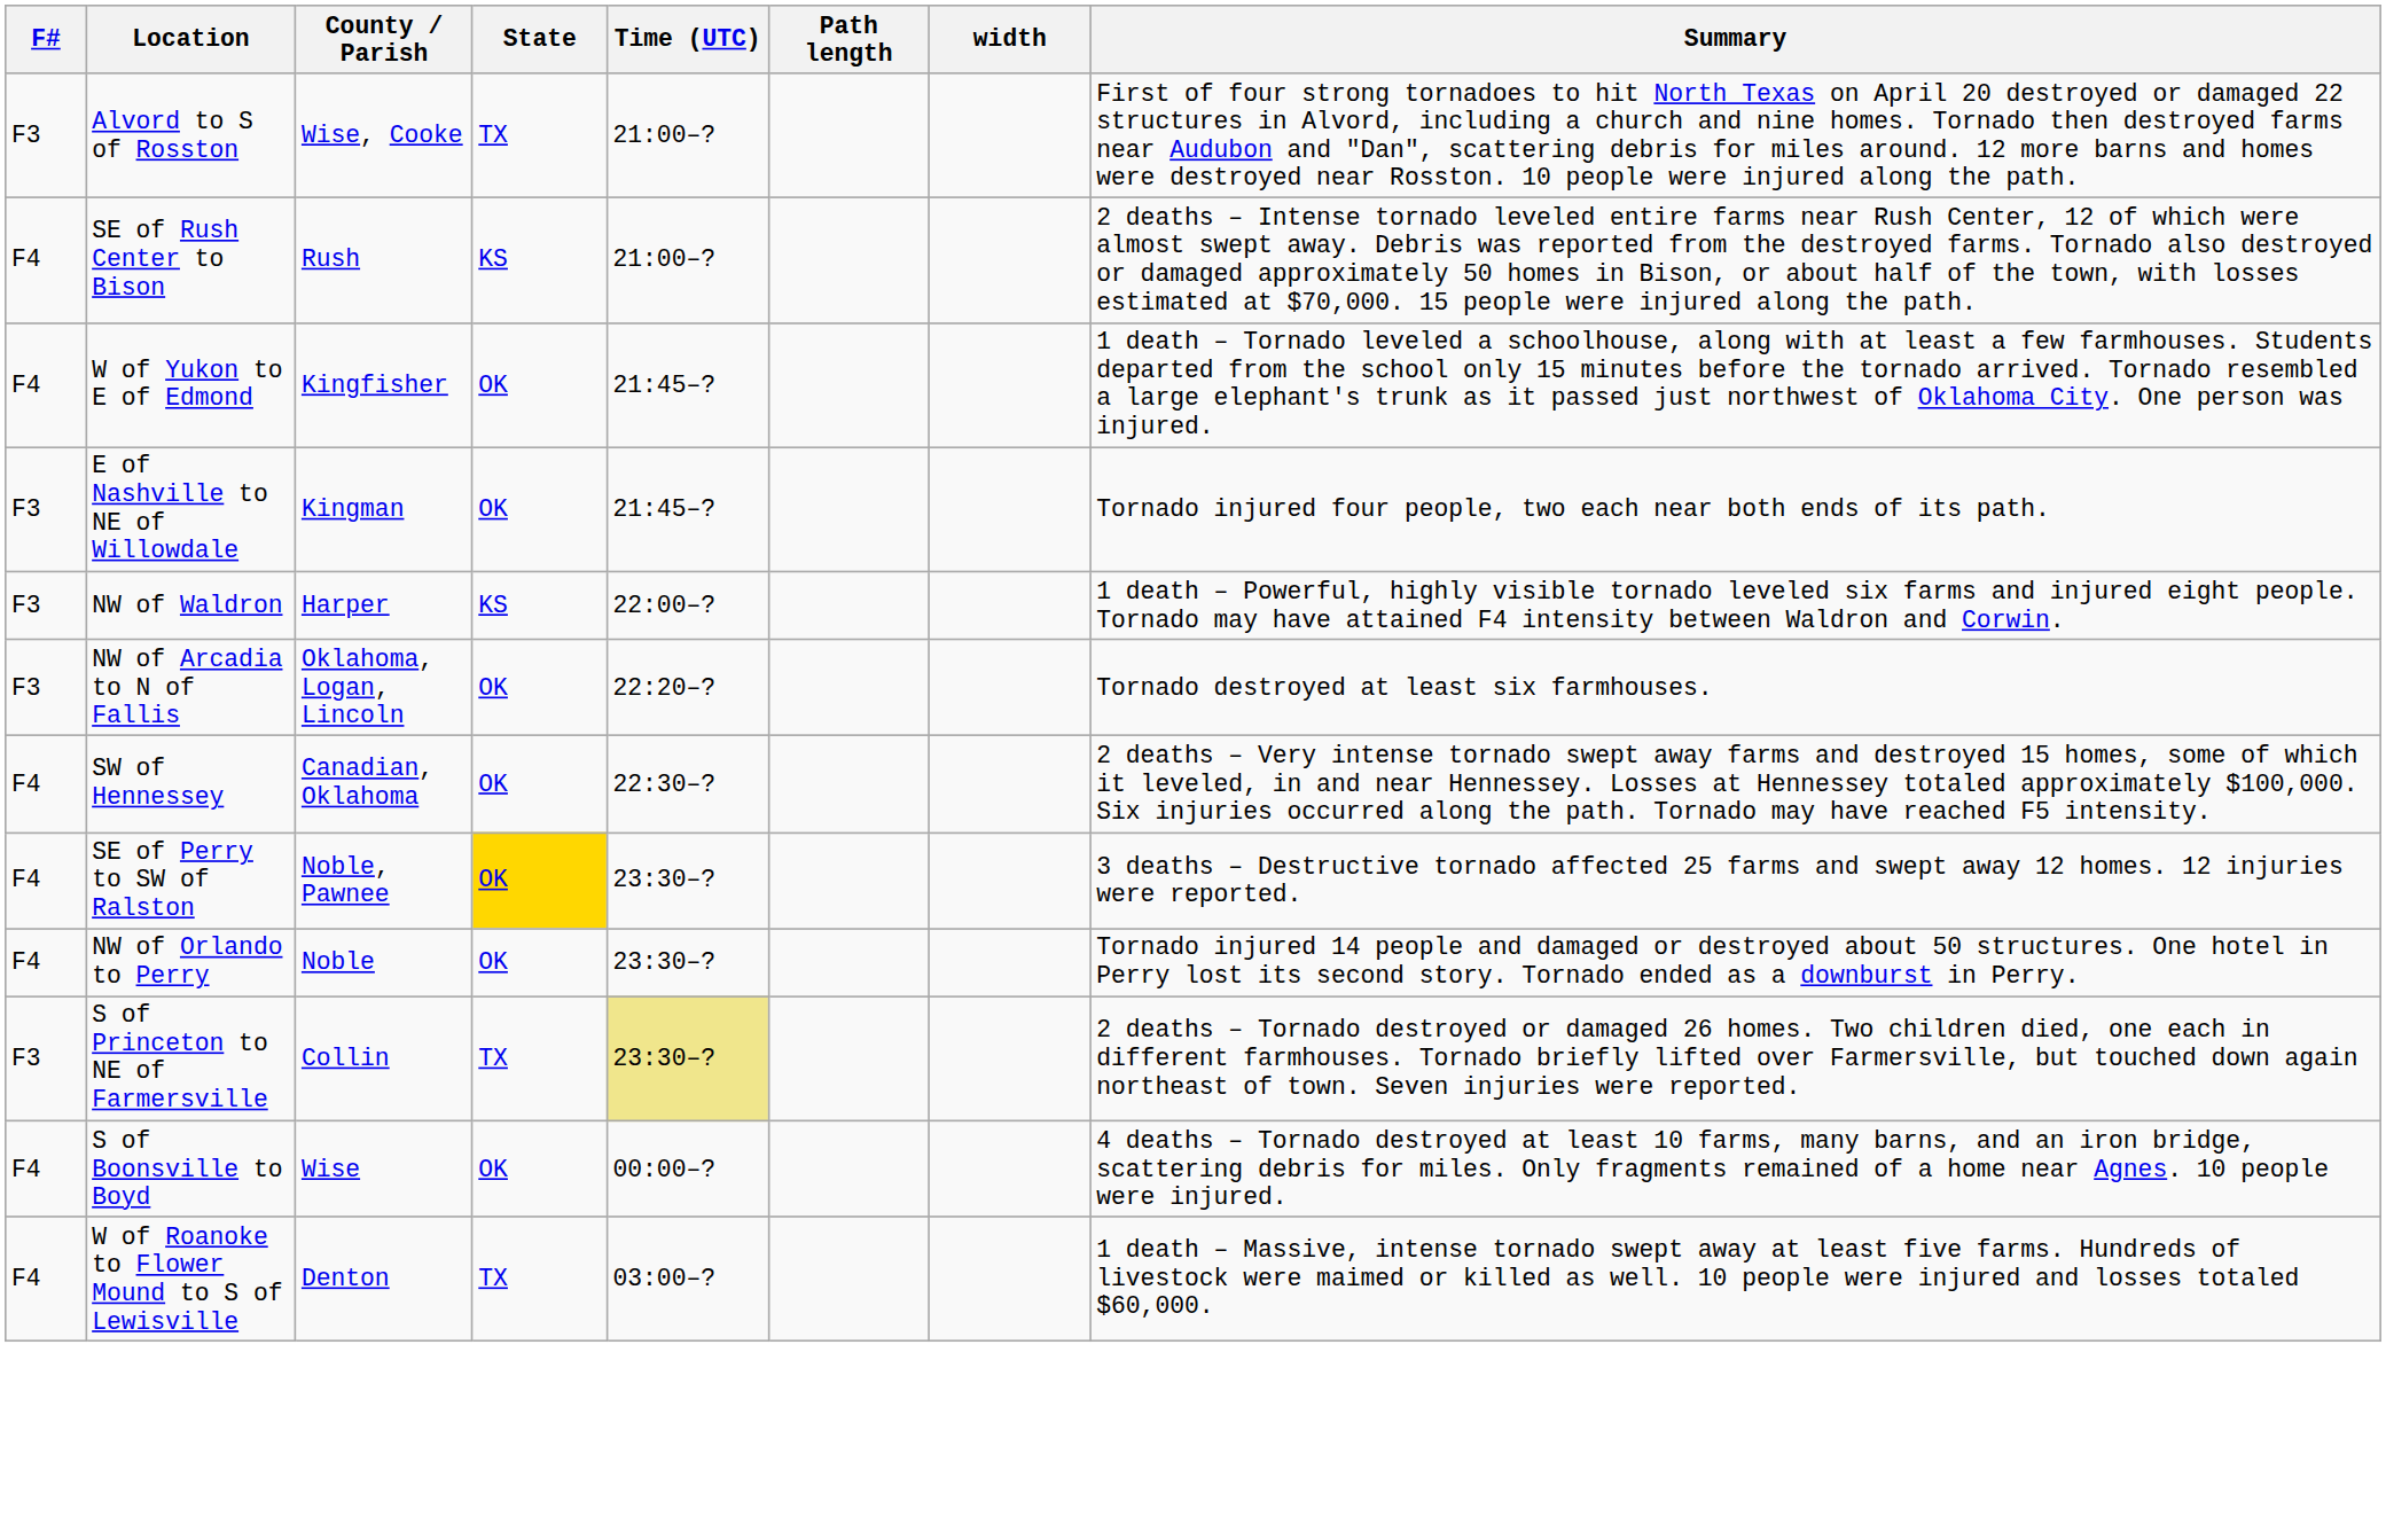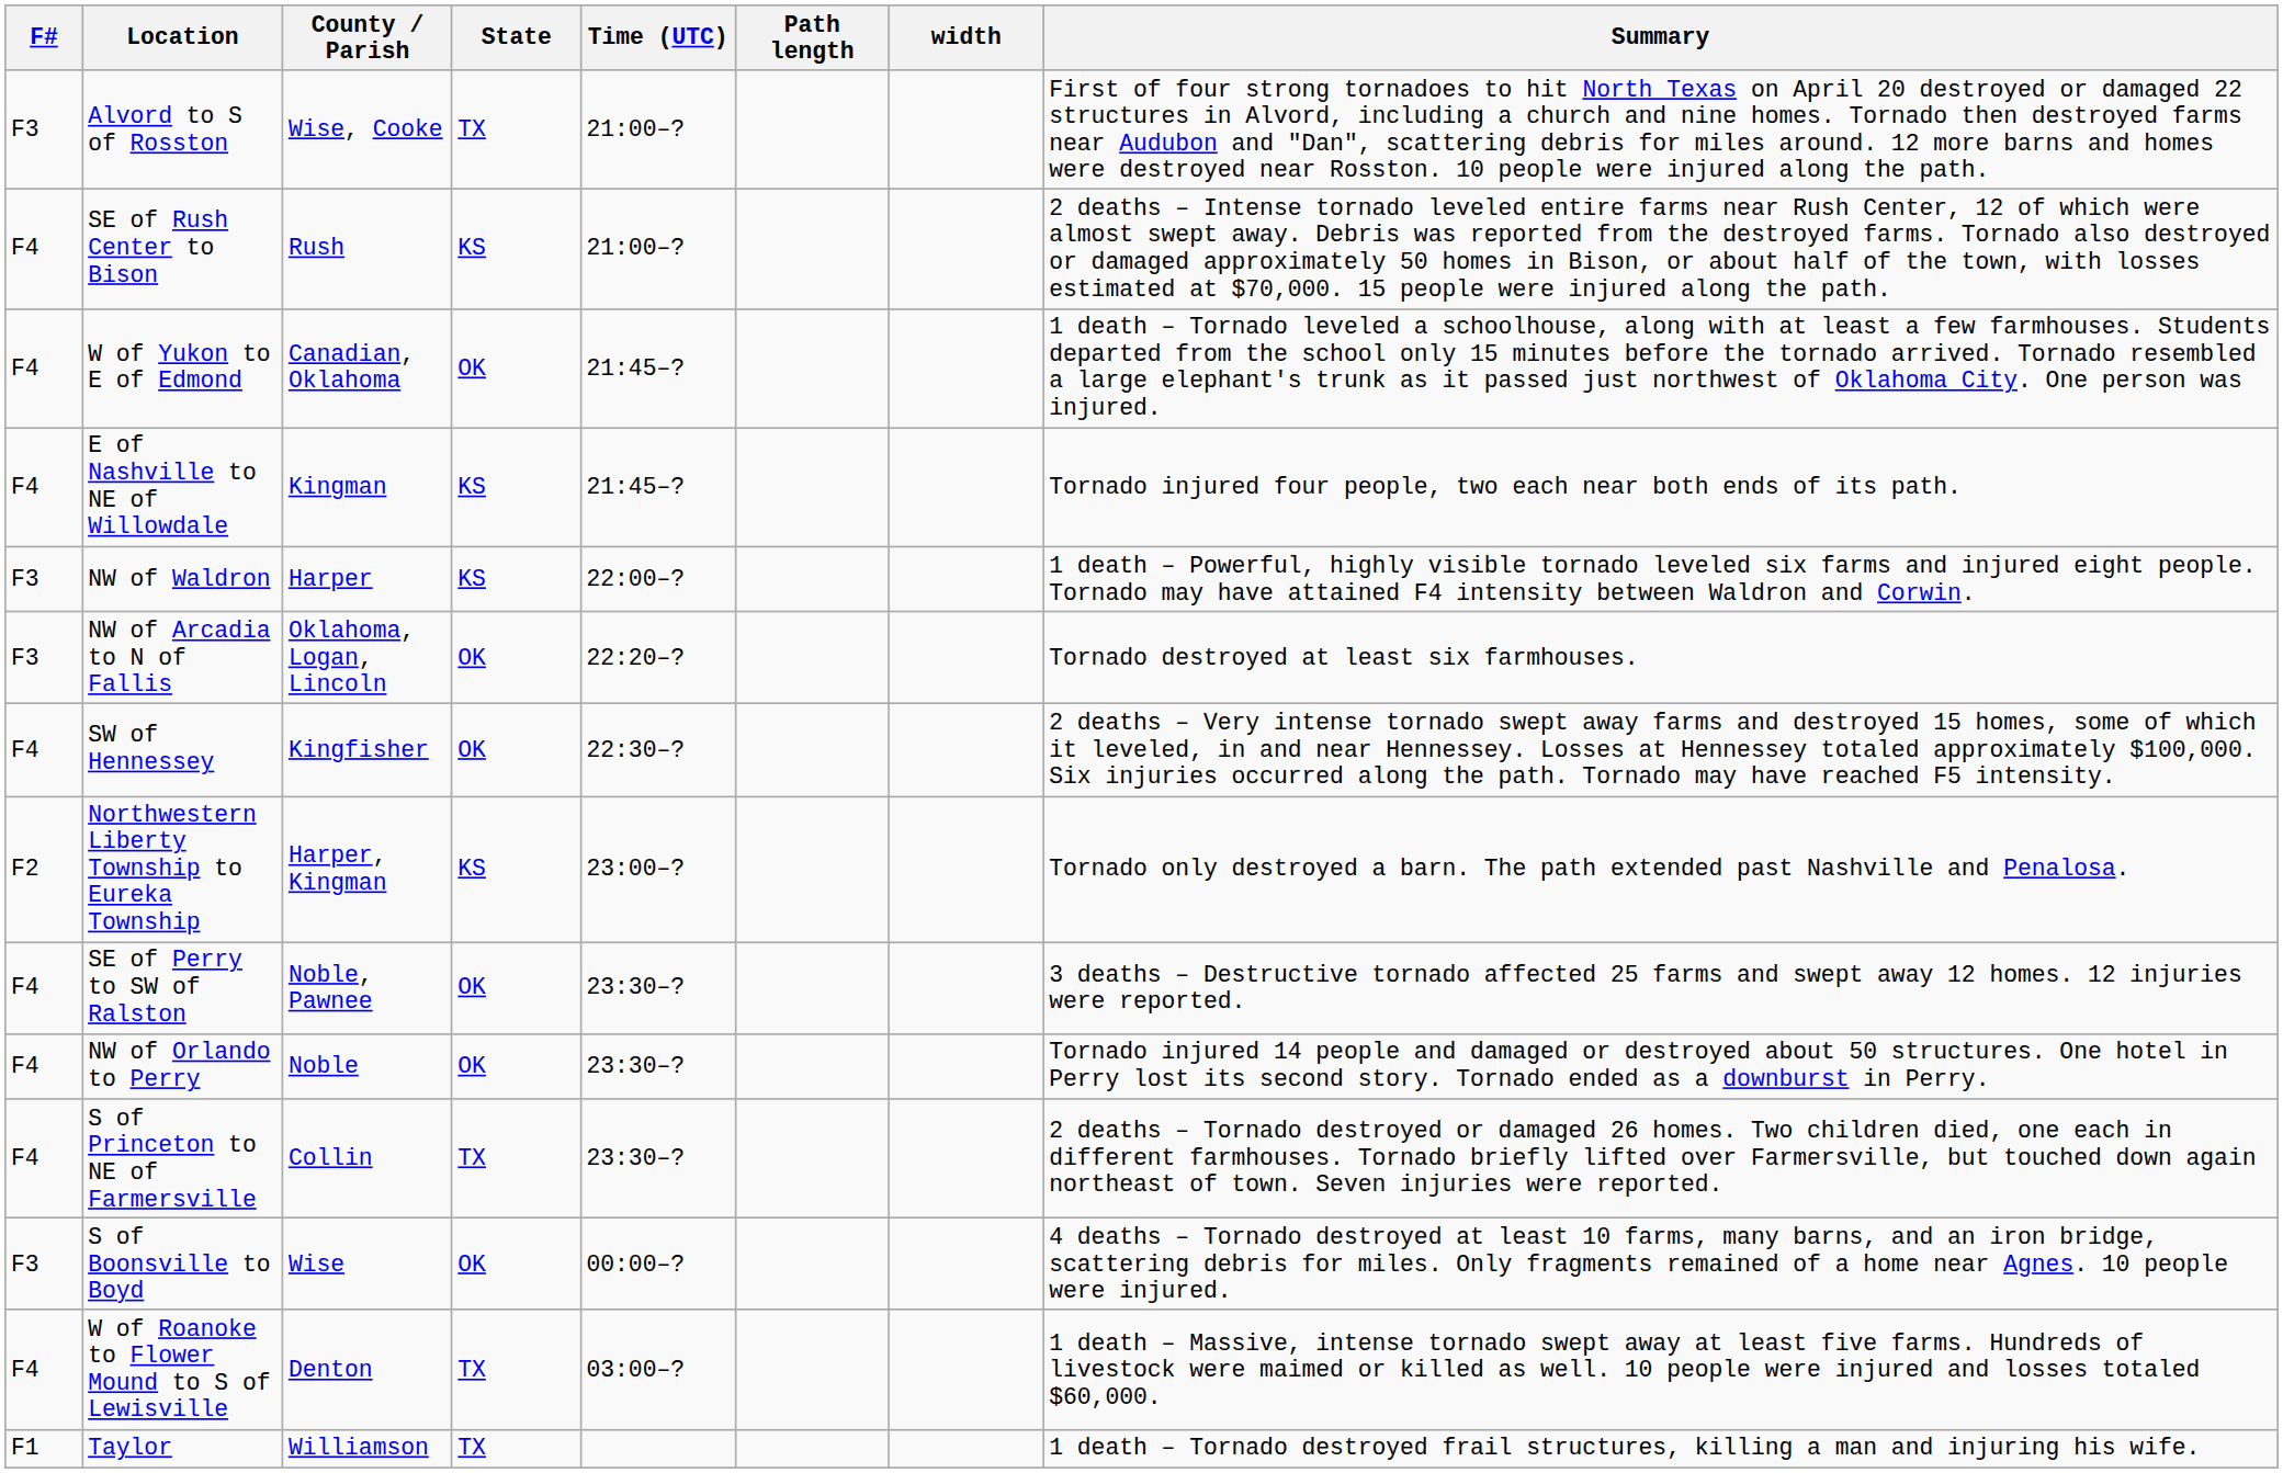 <table class="wikitable sortable" style="width:100%;">
 <tr>
 <th scope="col"  style="width:3%; text-align:center;"><a href='#'>F#</a></th>
 <th scope="col"  style="width:7%; text-align:center;" class="unsortable">Location</th>
 <th scope="col"  style="width:6%; text-align:center;" class="unsortable">County / Parish</th>
 <th scope="col"  style="width:5%; text-align:center;">State</th>
 <th scope="col"  style="width:6%; text-align:center;">Time (<a href='#'>UTC</a>)</th>
 <th scope="col"  style="width:6%; text-align:center;">Path length</th>
 <th scope="col"  style="width:6%; text-align:center;"> width</th>
 <th scope="col" class="unsortable" style="width:48%; text-align:center;">Summary</th>
 </tr>
 <tr>
 <td>F3</td>
 <td><a href='#'>Alvord</a> to S of <a href='#'>Rosston</a></td>
 <td><a href='#'>Wise</a>, <a href='#'>Cooke</a></td>
 <td><a href='#'>TX</a></td>
 <td>21:00–?</td>
 <td></td>
 <td></td>
 <td>First of four strong tornadoes to hit <a href='#'>North Texas</a> on April 20 destroyed or damaged 22 structures in Alvord, including a church and nine homes. Tornado then destroyed farms near <a href='#'>Audubon</a> and "Dan", scattering debris for miles around. 12 more barns and homes were destroyed near Rosston. 10 people were injured along the path.</td>
 </tr>
 <tr>
 <td>F4</td>
 <td>SE of <a href='#'>Rush Center</a> to <a href='#'>Bison</a></td>
 <td><a href='#'>Rush</a></td>
 <td><a href='#'>KS</a></td>
 <td>21:00–?</td>
 <td></td>
 <td></td>
 <td>2 deaths – Intense tornado leveled entire farms near Rush Center, 12 of which were almost swept away. Debris was reported  from the destroyed farms. Tornado also destroyed or damaged approximately 50 homes in Bison, or about half of the town, with losses estimated at $70,000. 15 people were injured along the path.</td>
 </tr>
 <tr>
 <td>F4</td>
 <td>W of <a href='#'>Yukon</a> to E of <a href='#'>Edmond</a></td>
-<td><a href='#'>Kingfisher</a></td>
+<td><a href='#'>Canadian</a>, <a href='#'>Oklahoma</a></td>
 <td><a href='#'>OK</a></td>
 <td>21:45–?</td>
 <td></td>
 <td></td>
 <td>1 death – Tornado leveled a schoolhouse, along with at least a few farmhouses. Students departed from the school only 15 minutes before the tornado arrived. Tornado resembled a large elephant's trunk as it passed just  northwest of <a href='#'>Oklahoma City</a>. One person was injured.</td>
 </tr>
 <tr>
-<td>F3</td>
+<td>F4</td>
 <td>E of <a href='#'>Nashville</a> to NE of <a href='#'>Willowdale</a></td>
 <td><a href='#'>Kingman</a></td>
-<td><a href='#'>OK</a></td>
+<td><a href='#'>KS</a></td>
 <td>21:45–?</td>
 <td></td>
 <td></td>
 <td>Tornado injured four people, two each near both ends of its path.</td>
 </tr>
 <tr>
 <td>F3</td>
 <td>NW of <a href='#'>Waldron</a></td>
 <td><a href='#'>Harper</a></td>
 <td><a href='#'>KS</a></td>
 <td>22:00–?</td>
 <td></td>
 <td></td>
 <td>1 death – Powerful, highly visible tornado leveled six farms and injured eight people. Tornado may have attained F4 intensity between Waldron and <a href='#'>Corwin</a>.</td>
 </tr>
 <tr>
 <td>F3</td>
 <td>NW of <a href='#'>Arcadia</a> to N of <a href='#'>Fallis</a></td>
 <td><a href='#'>Oklahoma</a>, <a href='#'>Logan</a>, <a href='#'>Lincoln</a></td>
 <td><a href='#'>OK</a></td>
 <td>22:20–?</td>
 <td></td>
 <td></td>
 <td>Tornado destroyed at least six farmhouses.</td>
 </tr>
 <tr>
 <td>F4</td>
 <td>SW of <a href='#'>Hennessey</a></td>
-<td><a href='#'>Canadian</a>, <a href='#'>Oklahoma</a></td>
+<td><a href='#'>Kingfisher</a></td>
 <td><a href='#'>OK</a></td>
 <td>22:30–?</td>
 <td></td>
 <td></td>
 <td>2 deaths – Very intense tornado swept away farms and destroyed 15 homes, some of which it leveled, in and near Hennessey. Losses at Hennessey totaled approximately $100,000. Six injuries occurred along the path. Tornado may have reached F5 intensity.</td>
 </tr>
 <tr>
+<td>F2</td>
+<td><a href='#'>Northwestern Liberty Township</a> to <a href='#'>Eureka Township</a></td>
+<td><a href='#'>Harper</a>, <a href='#'>Kingman</a></td>
+<td><a href='#'>KS</a></td>
+<td>23:00–?</td>
+<td></td>
+<td></td>
+<td>Tornado only destroyed a barn. The path extended past Nashville and <a href='#'>Penalosa</a>.</td>
+</tr>
+<tr>
 <td>F4</td>
 <td>SE of <a href='#'>Perry</a> to SW of <a href='#'>Ralston</a></td>
 <td><a href='#'>Noble</a>, <a href='#'>Pawnee</a></td>
-<td style="background: gold;"><a href='#'>OK</a></td>
+<td><a href='#'>OK</a></td>
 <td>23:30–?</td>
 <td></td>
 <td></td>
 <td>3 deaths – Destructive tornado affected 25 farms and swept away 12 homes. 12 injuries were reported.</td>
 </tr>
 <tr>
 <td>F4</td>
 <td>NW of <a href='#'>Orlando</a> to <a href='#'>Perry</a></td>
 <td><a href='#'>Noble</a></td>
 <td><a href='#'>OK</a></td>
 <td>23:30–?</td>
 <td></td>
 <td></td>
 <td>Tornado injured 14 people and damaged or destroyed about 50 structures. One hotel in Perry lost its second story. Tornado ended as a <a href='#'>downburst</a> in Perry.</td>
 </tr>
 <tr>
-<td>F3</td>
+<td>F4</td>
 <td>S of <a href='#'>Princeton</a> to NE of <a href='#'>Farmersville</a></td>
 <td><a href='#'>Collin</a></td>
 <td><a href='#'>TX</a></td>
-<td style="background: khaki;">23:30–?</td>
+<td>23:30–?</td>
 <td></td>
 <td></td>
 <td>2 deaths – Tornado destroyed or damaged 26 homes. Two children died, one each in different farmhouses. Tornado briefly lifted over Farmersville, but touched down again northeast of town. Seven injuries were reported.</td>
 </tr>
 <tr>
-<td>F4</td>
+<td>F3</td>
 <td>S of <a href='#'>Boonsville</a> to <a href='#'>Boyd</a></td>
 <td><a href='#'>Wise</a></td>
 <td><a href='#'>OK</a></td>
 <td>00:00–?</td>
 <td></td>
 <td></td>
 <td>4 deaths – Tornado destroyed at least 10 farms, many barns, and an iron bridge, scattering debris for miles. Only fragments remained of a home near <a href='#'>Agnes</a>. 10 people were injured.</td>
 </tr>
 <tr>
 <td>F4</td>
 <td>W of <a href='#'>Roanoke</a> to <a href='#'>Flower Mound</a> to S of <a href='#'>Lewisville</a></td>
 <td><a href='#'>Denton</a></td>
 <td><a href='#'>TX</a></td>
 <td>03:00–?</td>
 <td></td>
 <td></td>
 <td>1 death – Massive, intense tornado swept away at least five farms. Hundreds of livestock were maimed or killed as well. 10 people were injured and losses totaled $60,000.</td>
 </tr>
+<tr>
+<td>F1</td>
+<td><a href='#'>Taylor</a></td>
+<td><a href='#'>Williamson</a></td>
+<td><a href='#'>TX</a></td>
+<td></td>
+<td></td>
+<td></td>
+<td>1 death – Tornado destroyed frail structures, killing a man and injuring his wife.</td>
+</tr>
 </table>
